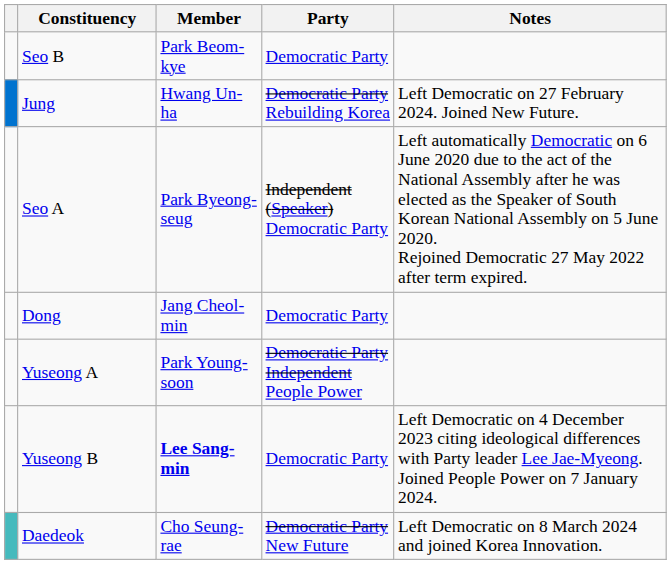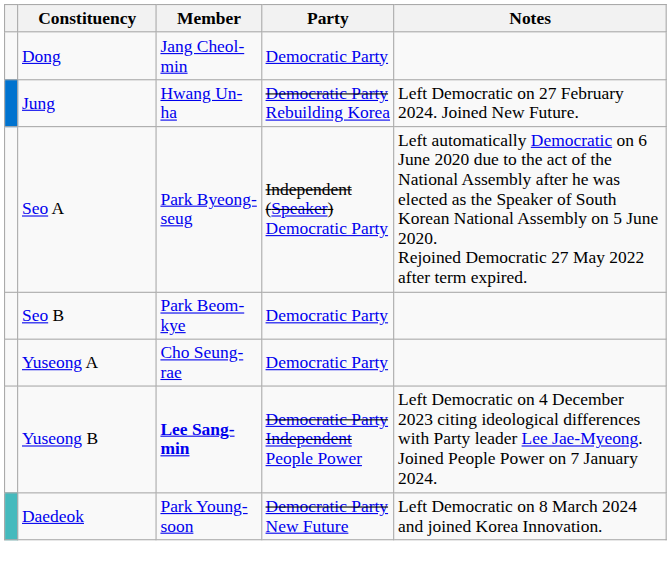 <table class="wikitable sortable">
 <tr>
 <th scope="col" style="width:10px;" class="unsortable"></th>
 <th scope="col" style="width:150px;">Constituency</th>
 <th scope="col" style="width:120px;">Member</th>
 <th scope="col" style="width:150px;">Party</th>
 <th scope="col" style="width:400px;" class="unsortable">Notes</th>
 </tr>
 <tr>
 <td scope="row" style="background-color:"></td>
-<td><a href='#'>Seo</a> B</td>
-<td><a href='#'>Park Beom-kye</a></td>
+<td><a href='#'>Dong</a></td>
+<td><a href='#'>Jang Cheol-min</a></td>
 <td><a href='#'>Democratic Party</a></td>
 <td></td>
 </tr>
 <tr>
 <td scope="row" style="background-color:#0073CF"></td>
 <td><a href='#'>Jung</a></td>
 <td><a href='#'>Hwang Un-ha</a></td>
 <td><s><a href='#'>Democratic Party</a></s><br><a href='#'>Rebuilding Korea</a></td>
 <td>Left Democratic on 27 February 2024. Joined New Future.</td>
 </tr>
 <tr>
 <td scope="row" style="background-color:"></td>
 <td><a href='#'>Seo</a> A</td>
 <td><a href='#'>Park Byeong-seug</a></td>
 <td><s> Independent (<a href='#'>Speaker</a>) </s> <br> <a href='#'>Democratic Party</a> <br></td>
 <td>Left automatically <a href='#'>Democratic</a> on 6 June 2020 due to the act of the National Assembly after he was elected as the Speaker of South Korean National Assembly on 5 June 2020. <br> Rejoined Democratic 27 May 2022 after term expired.</td>
 </tr>
 <tr>
 <td scope="row" style="background-color:"></td>
-<td><a href='#'>Dong</a></td>
-<td><a href='#'>Jang Cheol-min</a></td>
+<td><a href='#'>Seo</a> B</td>
+<td><a href='#'>Park Beom-kye</a></td>
 <td><a href='#'>Democratic Party</a></td>
 <td></td>
 </tr>
 <tr>
 <td scope="row" style="background-color:"></td>
 <td><a href='#'>Yuseong</a> A</td>
-<td><a href='#'>Park Young-soon</a></td>
-<td><s><a href='#'>Democratic Party</a></s> <br> <s> <a href='#'>Independent</a> </s> <br> <a href='#'>People Power</a></td>
+<td><a href='#'>Cho Seung-rae</a></td>
+<td><a href='#'>Democratic Party</a></td>
 <td></td>
 </tr>
 <tr>
 <td scope="row" style="background-color:"></td>
 <td><a href='#'>Yuseong</a> B</td>
 <td><strong><a href='#'>Lee Sang-min</a></strong></td>
-<td><a href='#'>Democratic Party</a></td>
+<td><s><a href='#'>Democratic Party</a></s> <br> <s> <a href='#'>Independent</a> </s> <br> <a href='#'>People Power</a></td>
 <td>Left Democratic on 4 December 2023 citing ideological differences with Party leader <a href='#'>Lee Jae-Myeong</a>.<br> Joined People Power on 7 January 2024.</td>
 </tr>
 <tr>
 <td scope="row" style="background-color:#45BABD"></td>
 <td><a href='#'>Daedeok</a></td>
-<td><a href='#'>Cho Seung-rae</a></td>
+<td><a href='#'>Park Young-soon</a></td>
 <td><s><a href='#'>Democratic Party</a></s> <br> <a href='#'>New Future</a></td>
 <td>Left Democratic on 8 March 2024 and joined Korea Innovation.</td>
 </tr>
 </table>
